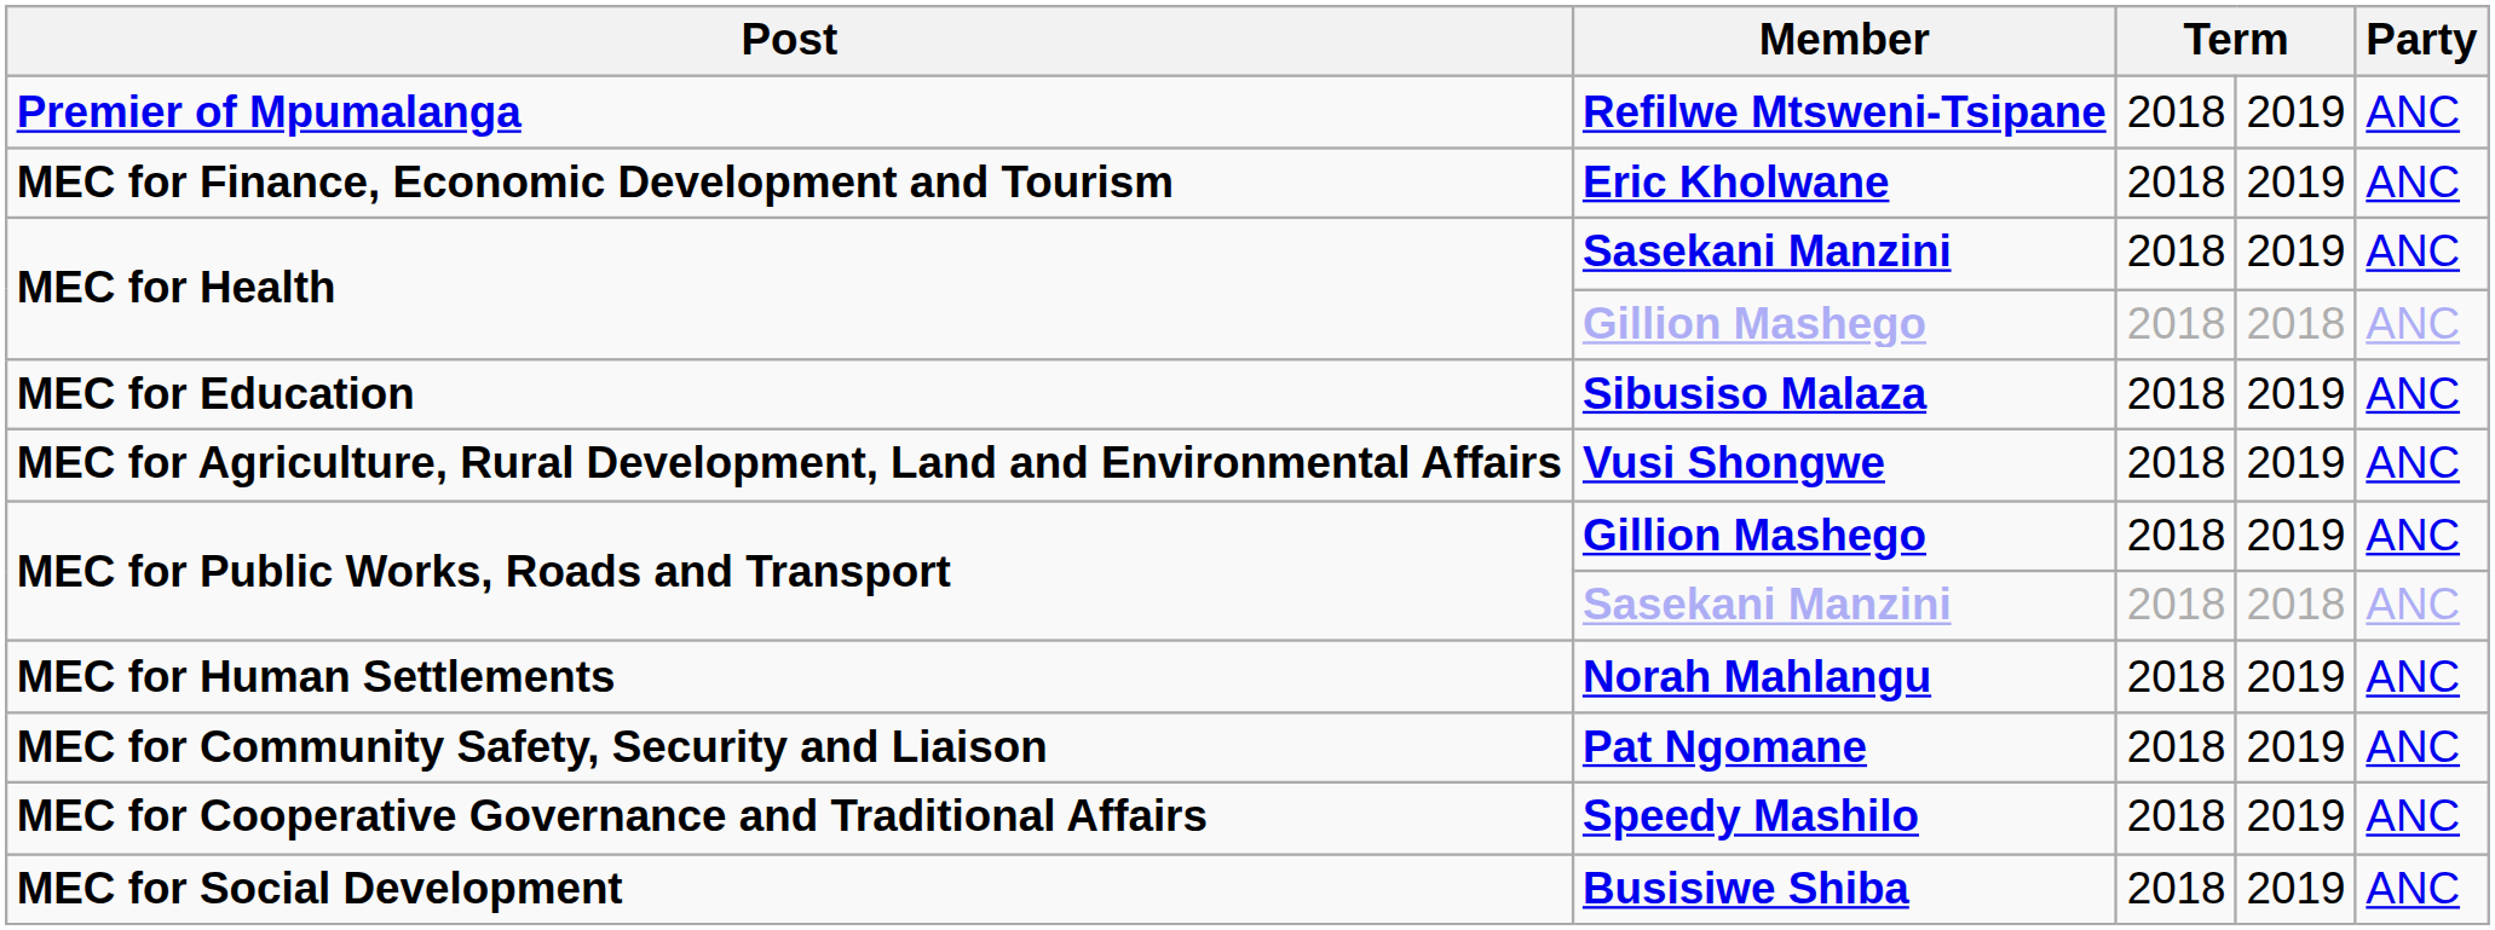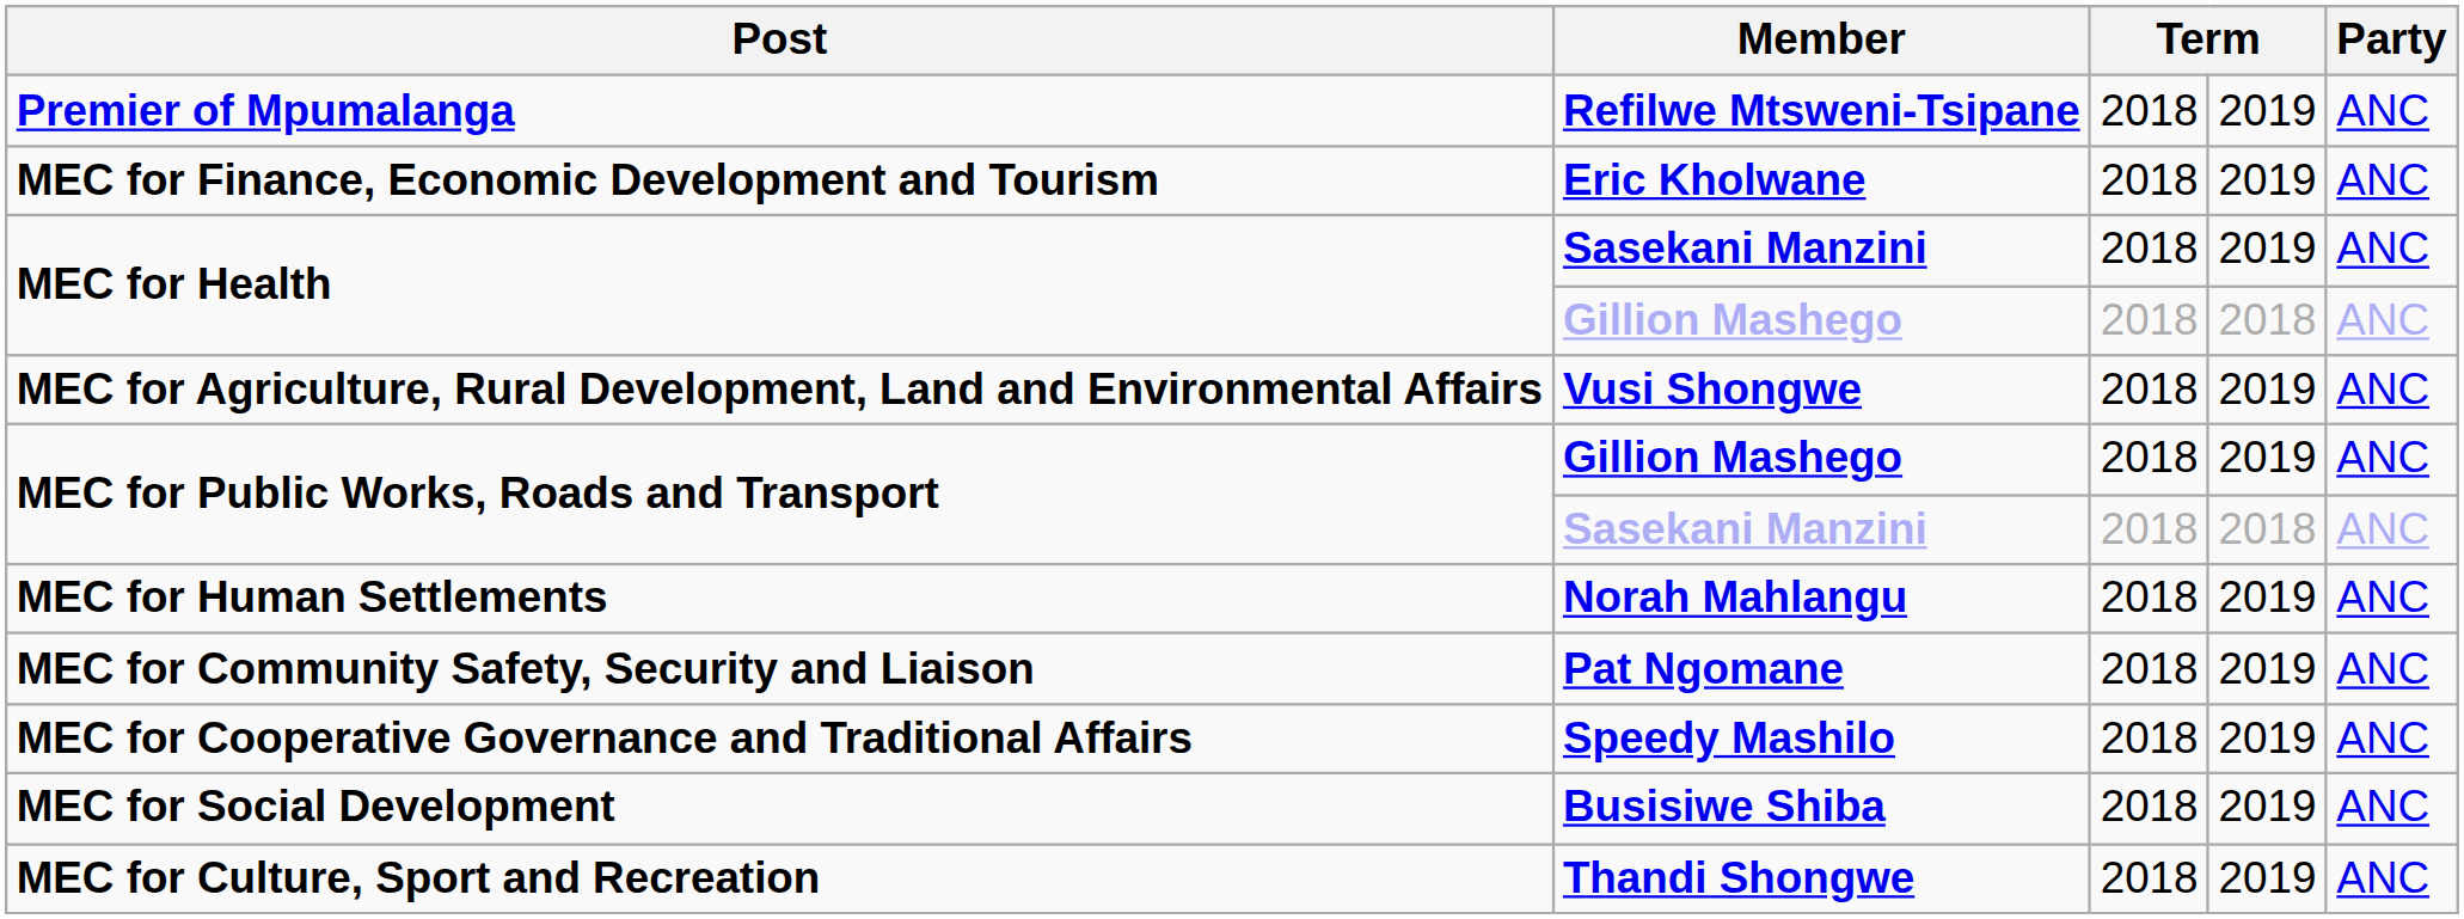 <table class="wikitable">
 <tr>
 <th>Post</th>
 <th>Member</th>
 <th colspan="2">Term</th>
 <th>Party</th>
 </tr>
 <tr>
 <td><strong><a href='#'>Premier of Mpumalanga</a></strong></td>
 <td><strong><a href='#'>Refilwe Mtsweni-Tsipane</a></strong></td>
 <td>2018</td>
 <td>2019</td>
 <td><a href='#'>ANC</a></td>
 </tr>
 <tr>
 <td><strong>MEC for Finance, Economic Development and Tourism</strong></td>
 <td><strong><a href='#'>Eric Kholwane</a></strong></td>
 <td>2018</td>
 <td>2019</td>
 <td><a href='#'>ANC</a></td>
 </tr>
 <tr>
 <td rowspan="2"><strong>MEC for Health</strong></td>
 <td><strong><a href='#'>Sasekani Manzini</a></strong></td>
 <td>2018</td>
 <td>2019</td>
 <td><a href='#'>ANC</a></td>
 </tr>
 <tr style="opacity:.3;">
 <td><strong><a href='#'>Gillion Mashego</a></strong></td>
 <td>2018</td>
 <td>2018</td>
-<td><a href='#'>ANC</a></td>
-</tr>
-<tr>
-<td><strong>MEC for Education</strong></td>
-<td><strong><a href='#'>Sibusiso Malaza</a></strong></td>
-<td>2018</td>
-<td>2019</td>
 <td><a href='#'>ANC</a></td>
 </tr>
 <tr>
 <td><strong>MEC for Agriculture, Rural Development, Land and Environmental Affairs</strong></td>
 <td><strong><a href='#'>Vusi Shongwe</a></strong></td>
 <td>2018</td>
 <td>2019</td>
 <td><a href='#'>ANC</a></td>
 </tr>
 <tr>
 <td rowspan="2"><strong>MEC for Public Works, Roads and Transport</strong></td>
 <td><strong><a href='#'>Gillion Mashego</a></strong></td>
 <td>2018</td>
 <td>2019</td>
 <td><a href='#'>ANC</a></td>
 </tr>
 <tr style="opacity:.3;">
 <td><strong><a href='#'>Sasekani Manzini</a></strong></td>
 <td>2018</td>
 <td>2018</td>
 <td><a href='#'>ANC</a></td>
 </tr>
 <tr>
 <td><strong>MEC for Human Settlements</strong></td>
 <td><strong><a href='#'>Norah Mahlangu</a></strong></td>
 <td>2018</td>
 <td>2019</td>
 <td><a href='#'>ANC</a></td>
 </tr>
 <tr>
 <td><strong>MEC for Community Safety, Security and Liaison</strong></td>
 <td><strong><a href='#'>Pat Ngomane</a></strong></td>
 <td>2018</td>
 <td>2019</td>
 <td><a href='#'>ANC</a></td>
 </tr>
 <tr>
 <td><strong>MEC for Cooperative Governance and Traditional Affairs</strong></td>
 <td><strong><a href='#'>Speedy Mashilo</a></strong></td>
 <td>2018</td>
 <td>2019</td>
 <td><a href='#'>ANC</a></td>
 </tr>
 <tr>
 <td><strong>MEC for Social Development</strong></td>
 <td><strong><a href='#'>Busisiwe Shiba</a></strong></td>
 <td>2018</td>
 <td>2019</td>
 <td><a href='#'>ANC</a></td>
 </tr>
+<tr>
+<td><strong>MEC for Culture, Sport and Recreation</strong></td>
+<td><strong><a href='#'>Thandi Shongwe</a></strong></td>
+<td>2018</td>
+<td>2019</td>
+<td><a href='#'>ANC</a></td>
+</tr>
 </table>
